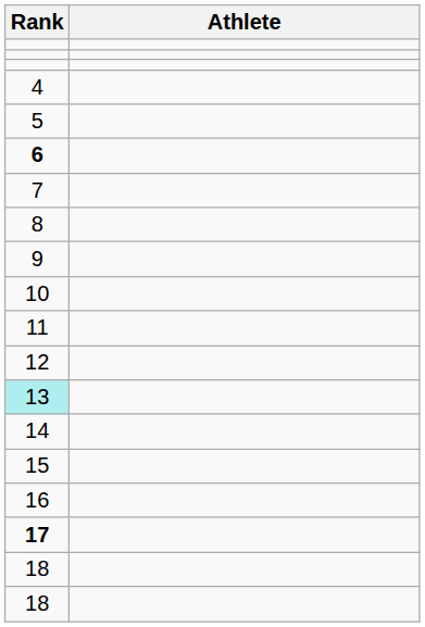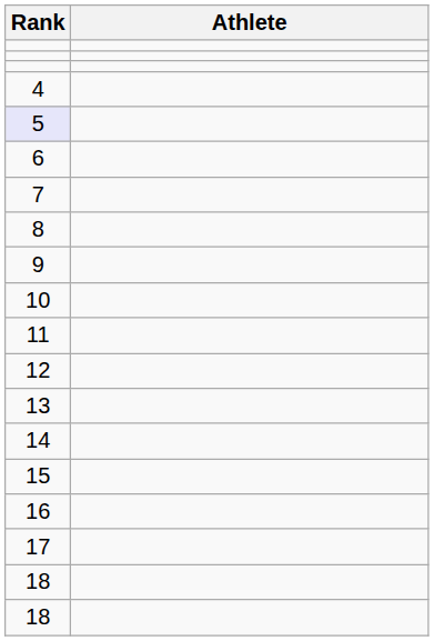 <table class="wikitable" style="text-align: center;">
 <tr>
 <th width=40>Rank</th>
 <th width=250>Athlete</th>
 </tr>
 <tr>
 <td></td>
 <td align="left"></td>
 </tr>
 <tr>
 <td></td>
 <td align="left"></td>
 </tr>
 <tr>
 <td></td>
 <td align="left"></td>
 </tr>
 <tr>
 <td>4</td>
 <td align="left"></td>
 </tr>
 <tr>
-<td>5</td>
+<td style="background: lavender;">5</td>
 <td align="left"></td>
 </tr>
 <tr>
-<td><strong>6</strong></td>
+<td>6</td>
 <td align="left"></td>
 </tr>
 <tr>
 <td>7</td>
 <td align="left"></td>
 </tr>
 <tr>
 <td>8</td>
 <td align="left"></td>
 </tr>
 <tr>
 <td>9</td>
 <td align="left"></td>
 </tr>
 <tr>
 <td>10</td>
 <td align="left"></td>
 </tr>
 <tr>
 <td>11</td>
 <td align="left"></td>
 </tr>
 <tr>
 <td>12</td>
 <td align="left"></td>
 </tr>
 <tr>
-<td style="background: paleturquoise;">13</td>
+<td>13</td>
 <td align="left"></td>
 </tr>
 <tr>
 <td>14</td>
 <td align="left"></td>
 </tr>
 <tr>
 <td>15</td>
 <td align="left"></td>
 </tr>
 <tr>
 <td>16</td>
 <td align="left"></td>
 </tr>
 <tr>
-<td><strong>17</strong></td>
+<td>17</td>
 <td align="left"></td>
 </tr>
 <tr>
 <td>18</td>
 <td align="left"></td>
 </tr>
 <tr>
 <td>18</td>
 <td align="left"></td>
 </tr>
 </table>
